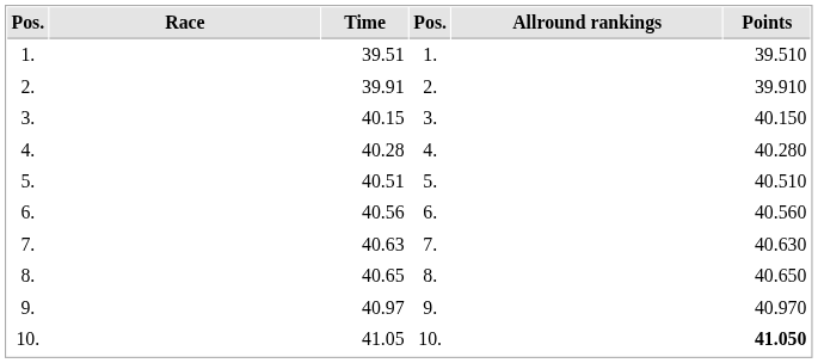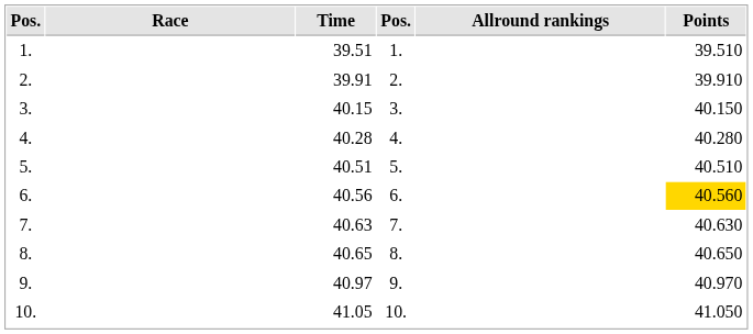 <table cellspacing="1" cellpadding="3" style="border:1px solid #AAAAAA;font-size:90%">
 <tr bgcolor="#E4E4E4">
 <th style="border-bottom:1px solid #AAAAAA" width=10>Pos.</th>
 <th style="border-bottom:1px solid #AAAAAA" width=200>Race</th>
 <th style="border-bottom:1px solid #AAAAAA" width=60>Time</th>
 <th style="border-bottom:1px solid #AAAAAA" width=10>Pos.</th>
 <th style="border-bottom:1px solid #AAAAAA" width=200>Allround rankings</th>
 <th style="border-bottom:1px solid #AAAAAA" width=60>Points</th>
 </tr>
 <tr>
 <td align="center">1.</td>
 <td></td>
 <td align="right">39.51</td>
 <td align="center">1.</td>
 <td></td>
 <td align="right">39.510</td>
 </tr>
 <tr>
 <td align="center">2.</td>
 <td></td>
 <td align="right">39.91</td>
 <td align="center">2.</td>
 <td></td>
 <td align="right">39.910</td>
 </tr>
 <tr>
 <td align="center">3.</td>
 <td></td>
 <td align="right">40.15</td>
 <td align="center">3.</td>
 <td></td>
 <td align="right">40.150</td>
 </tr>
 <tr>
 <td align="center">4.</td>
 <td></td>
 <td align="right">40.28</td>
 <td align="center">4.</td>
 <td></td>
 <td align="right">40.280</td>
 </tr>
 <tr>
 <td align="center">5.</td>
 <td></td>
 <td align="right">40.51</td>
 <td align="center">5.</td>
 <td></td>
 <td align="right">40.510</td>
 </tr>
 <tr>
 <td align="center">6.</td>
 <td></td>
 <td align="right">40.56</td>
 <td align="center">6.</td>
 <td></td>
-<td align="right">40.560</td>
+<td align="right" style="background: gold;">40.560</td>
 </tr>
 <tr>
 <td align="center">7.</td>
 <td></td>
 <td align="right">40.63</td>
 <td align="center">7.</td>
 <td></td>
 <td align="right">40.630</td>
 </tr>
 <tr>
 <td align="center">8.</td>
 <td></td>
 <td align="right">40.65</td>
 <td align="center">8.</td>
 <td></td>
 <td align="right">40.650</td>
 </tr>
 <tr>
 <td align="center">9.</td>
 <td></td>
 <td align="right">40.97</td>
 <td align="center">9.</td>
 <td></td>
 <td align="right">40.970</td>
 </tr>
 <tr>
 <td align="center">10.</td>
 <td></td>
 <td align="right">41.05</td>
 <td align="center">10.</td>
 <td></td>
-<td align="right"><strong>41.050</strong></td>
+<td align="right">41.050</td>
 </tr>
 <tr>
 </tr>
 </table>
